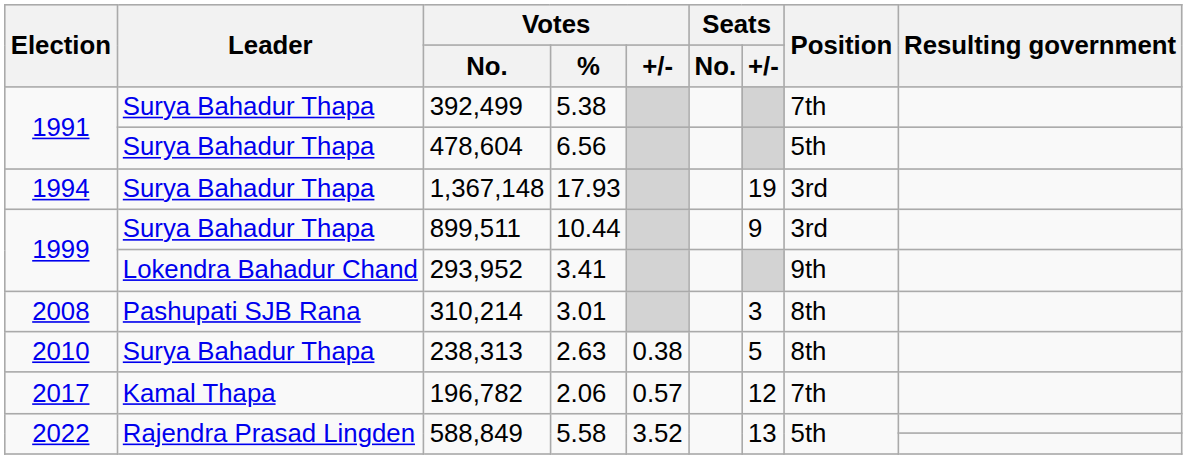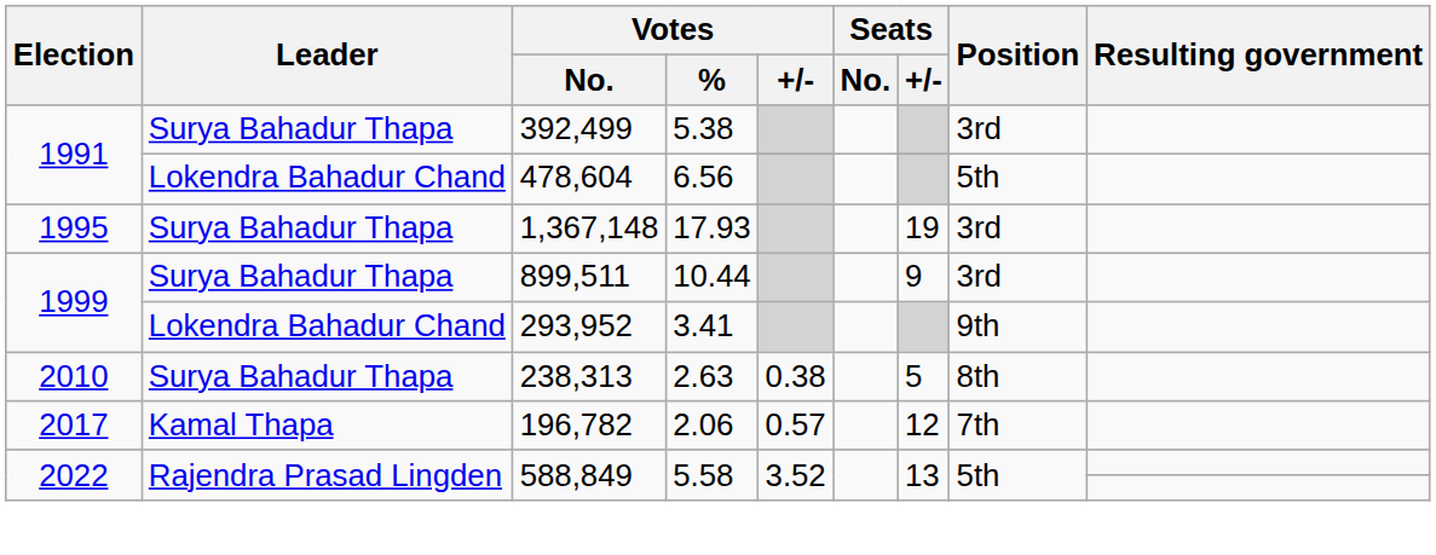 <table class="wikitable">
 <tr>
 <th rowspan="2" style="background-color:">Election</th>
 <th rowspan="2" style="background-color:">Leader</th>
 <th colspan="3" style="background-color:">Votes</th>
 <th colspan="2" style="background-color:">Seats</th>
 <th rowspan="2" style="background-color:">Position</th>
 <th rowspan="2" style="background-color:">Resulting government</th>
 </tr>
 <tr>
 <th style="background-color:">No.</th>
 <th style="background-color:">%</th>
 <th style="background-color:">+/-</th>
 <th style="background-color:">No.</th>
 <th style="background-color:">+/-</th>
 </tr>
 <tr>
 <td rowspan="2" style="text-align: center;"><a href='#'>1991</a></td>
 <td><a href='#'>Surya Bahadur Thapa</a></td>
 <td>392,499</td>
 <td>5.38</td>
 <td bgcolor="lightgray"></td>
 <td style="text-align:center;"></td>
 <td bgcolor="lightgray"></td>
-<td>7th</td>
+<td> 3rd</td>
 <td></td>
 </tr>
 <tr>
-<td><a href='#'>Surya Bahadur Thapa</a></td>
+<td><a href='#'>Lokendra Bahadur Chand</a></td>
 <td>478,604</td>
 <td>6.56</td>
 <td bgcolor="lightgray"></td>
 <td style="text-align:center;"></td>
 <td bgcolor="lightgray"></td>
 <td>5th</td>
 <td></td>
 </tr>
 <tr>
-<td style="text-align: center;"><a href='#'>1994</a></td>
+<td style="text-align: center;"><a href='#'>1995</a></td>
 <td><a href='#'>Surya Bahadur Thapa</a></td>
 <td>1,367,148</td>
 <td>17.93</td>
 <td bgcolor="lightgray"></td>
 <td style="text-align:center;"></td>
 <td> 19</td>
 <td> 3rd</td>
 <td></td>
 </tr>
 <tr>
 <td rowspan="2" style="text-align: center;"><a href='#'>1999</a></td>
 <td><a href='#'>Surya Bahadur Thapa</a></td>
 <td>899,511</td>
 <td>10.44</td>
 <td bgcolor="lightgray"></td>
 <td style="text-align:center;"></td>
 <td> 9</td>
 <td> 3rd</td>
 <td></td>
 </tr>
 <tr>
 <td><a href='#'>Lokendra Bahadur Chand</a></td>
 <td>293,952</td>
 <td>3.41</td>
 <td bgcolor="lightgray"></td>
 <td style="text-align:center;"></td>
 <td bgcolor="lightgray"></td>
 <td>9th</td>
-<td></td>
-</tr>
-<tr>
-<td style="text-align: center;"><a href='#'>2008</a></td>
-<td><a href='#'>Pashupati SJB Rana</a></td>
-<td>310,214</td>
-<td>3.01</td>
-<td bgcolor="lightgray"></td>
-<td style="text-align:center;"></td>
-<td> 3</td>
-<td> 8th</td>
 <td></td>
 </tr>
 <tr>
 <td style="text-align: center;"><a href='#'>2010</a></td>
 <td><a href='#'>Surya Bahadur Thapa</a></td>
 <td>238,313</td>
 <td>2.63</td>
 <td>0.38</td>
 <td style="text-align:center;"></td>
 <td> 5</td>
 <td> 8th</td>
 <td></td>
 </tr>
 <tr>
 <td style="text-align: center;"><a href='#'>2017</a></td>
 <td><a href='#'>Kamal Thapa</a></td>
 <td>196,782</td>
 <td>2.06</td>
 <td> 0.57</td>
 <td style="text-align:center;"></td>
 <td> 12</td>
 <td> 7th</td>
 <td></td>
 </tr>
 <tr>
 <td rowspan="2" style="text-align: center;"><a href='#'>2022</a></td>
 <td rowspan="2"><a href='#'>Rajendra Prasad Lingden</a></td>
 <td rowspan="2">588,849</td>
 <td rowspan="2">5.58</td>
 <td rowspan="2"> 3.52</td>
 <td rowspan="2"></td>
 <td rowspan="2"> 13</td>
 <td rowspan="2"> 5th</td>
 <td></td>
 </tr>
 <tr>
 <td></td>
 </tr>
 </table>
